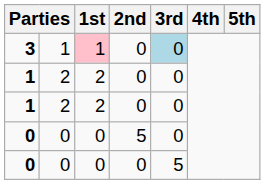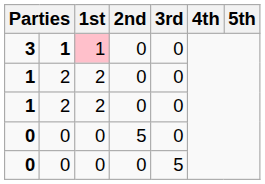 <table class="wikitable" style="text-align:right;">
 <tr>
 <th colspan=2 style="text-align:left;">Parties</th>
 <th>1st</th>
 <th>2nd</th>
 <th>3rd</th>
 <th>4th</th>
 <th>5th</th>
 </tr>
 <tr>
 <td><strong>3</strong></td>
-<td>1</td>
+<td><strong>1</strong></td>
 <td style="background: pink;">1</td>
 <td>0</td>
-<td style="background: lightblue;">0</td>
+<td>0</td>
 </tr>
 <tr>
 <td><strong>1</strong></td>
 <td>2</td>
 <td>2</td>
 <td>0</td>
 <td>0</td>
 </tr>
 <tr>
 <td><strong>1</strong></td>
 <td>2</td>
 <td>2</td>
 <td>0</td>
 <td>0</td>
 </tr>
 <tr>
 <td><strong>0</strong></td>
 <td>0</td>
 <td>0</td>
 <td>5</td>
 <td>0</td>
 </tr>
 <tr>
 <td><strong>0</strong></td>
 <td>0</td>
 <td>0</td>
 <td>0</td>
 <td>5</td>
 </tr>
 </table>
